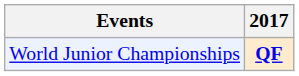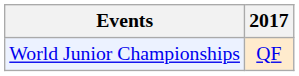 <table style='font-size: 90%; text-align:center;' class='wikitable'>
 <tr>
 <th>Events</th>
 <th>2017</th>
 </tr>
 <tr>
 <td bgcolor="#ECF2FF"; align="left"><a href='#'>World Junior Championships</a></td>
-<td bgcolor=FFEBCD><strong><a href='#'>QF</a></strong></td>
+<td bgcolor=FFEBCD><a href='#'>QF</a></td>
 </tr>
 </table>
